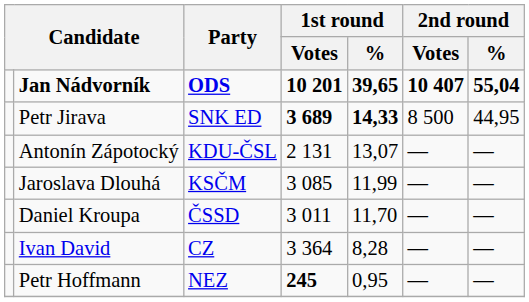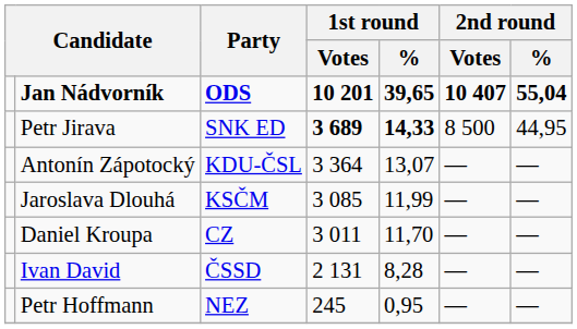 <table class="wikitable sortable">
 <tr>
 <th colspan="2" rowspan="2">Candidate</th>
 <th rowspan="2">Party</th>
 <th colspan="2">1st round</th>
 <th colspan="2">2nd round</th>
 </tr>
 <tr>
 <th>Votes</th>
 <th>%</th>
 <th>Votes</th>
 <th>%</th>
 </tr>
 <tr>
 <td style="background-color:"></td>
 <td><strong>Jan Nádvorník</strong></td>
 <td><a href='#'><strong>ODS</strong></a></td>
 <td><strong>10 201</strong></td>
 <td><strong>39,65</strong></td>
 <td><strong>10 407</strong></td>
 <td><strong>55,04</strong></td>
 </tr>
 <tr>
 <td style="background-color:"></td>
 <td>Petr Jirava</td>
 <td><a href='#'>SNK ED</a></td>
 <td><strong>3 689</strong></td>
 <td><strong>14,33</strong></td>
 <td>8 500</td>
 <td>44,95</td>
 </tr>
 <tr>
 <td style="background-color:"></td>
 <td>Antonín Zápotocký</td>
 <td><a href='#'>KDU-ČSL</a></td>
-<td>2 131</td>
+<td>3 364</td>
 <td>13,07</td>
 <td>—</td>
 <td>—</td>
 </tr>
 <tr>
 <td style="background-color:"></td>
 <td>Jaroslava Dlouhá</td>
 <td><a href='#'>KSČM</a></td>
 <td>3 085</td>
 <td>11,99</td>
 <td>—</td>
 <td>—</td>
 </tr>
 <tr>
 <td style="background-color:"></td>
 <td>Daniel Kroupa</td>
-<td><a href='#'>ČSSD</a></td>
+<td><a href='#'>CZ</a></td>
 <td>3 011</td>
 <td>11,70</td>
 <td>—</td>
 <td>—</td>
 </tr>
 <tr>
 <td style="background-color:"></td>
 <td><a href='#'>Ivan David</a></td>
-<td><a href='#'>CZ</a></td>
-<td>3 364</td>
+<td><a href='#'>ČSSD</a></td>
+<td>2 131</td>
 <td>8,28</td>
 <td>—</td>
 <td>—</td>
 </tr>
 <tr>
 <td style="background-color:"></td>
 <td>Petr Hoffmann</td>
 <td><a href='#'>NEZ</a></td>
-<td><strong>245</strong></td>
+<td>245</td>
 <td>0,95</td>
 <td>—</td>
 <td>—</td>
 </tr>
 <tr>
 </tr>
 </table>
